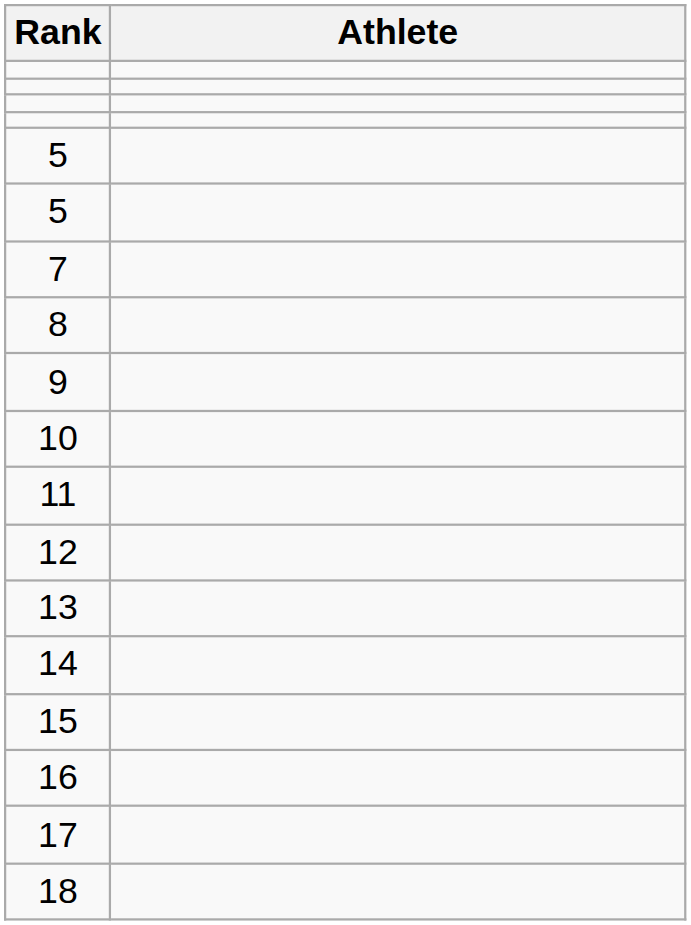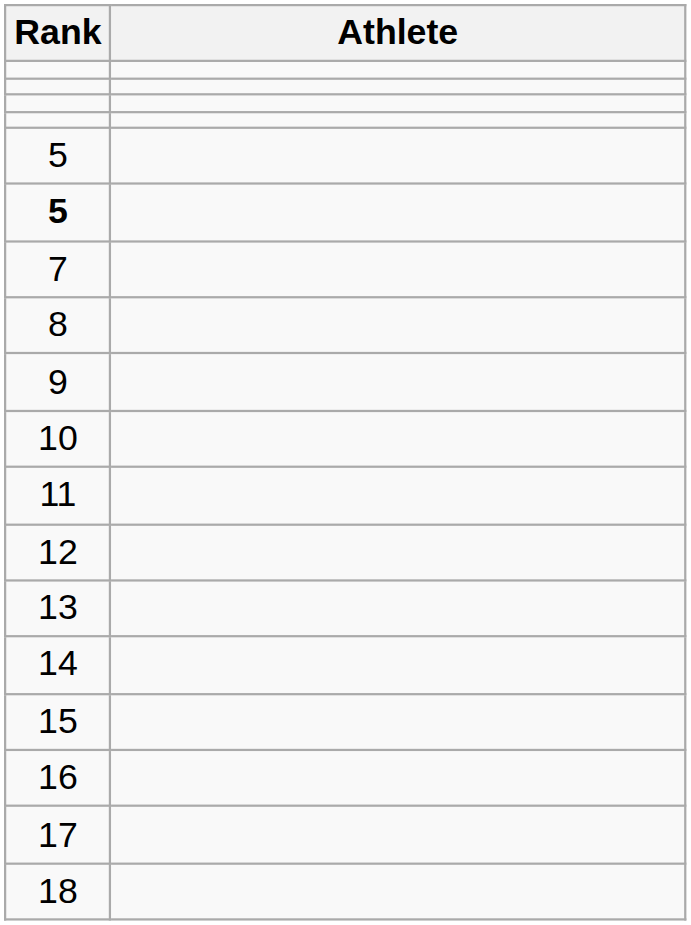 <table class="wikitable" style="text-align: center;">
 <tr>
 <th width=40>Rank</th>
 <th width=250>Athlete</th>
 </tr>
 <tr>
 <td></td>
 <td align=left></td>
 </tr>
 <tr>
 <td></td>
 <td align=left></td>
 </tr>
 <tr>
 <td></td>
 <td align=left></td>
 </tr>
 <tr>
 <td></td>
 <td align=left></td>
 </tr>
 <tr>
 <td>5</td>
 <td align=left></td>
 </tr>
 <tr>
-<td>5</td>
+<td><strong>5</strong></td>
 <td align=left></td>
 </tr>
 <tr>
 <td>7</td>
 <td align=left></td>
 </tr>
 <tr>
 <td>8</td>
 <td align=left></td>
 </tr>
 <tr>
 <td>9</td>
 <td align=left></td>
 </tr>
 <tr>
 <td>10</td>
 <td align=left></td>
 </tr>
 <tr>
 <td>11</td>
 <td align=left></td>
 </tr>
 <tr>
 <td>12</td>
 <td align=left></td>
 </tr>
 <tr>
 <td>13</td>
 <td align=left></td>
 </tr>
 <tr>
 <td>14</td>
 <td align=left></td>
 </tr>
 <tr>
 <td>15</td>
 <td align=left></td>
 </tr>
 <tr>
 <td>16</td>
 <td align=left></td>
 </tr>
 <tr>
 <td>17</td>
 <td align=left></td>
 </tr>
 <tr>
 <td>18</td>
 <td align=left></td>
 </tr>
 </table>
